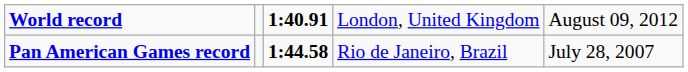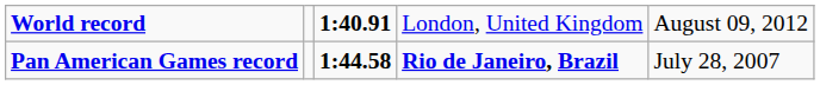 <table class="wikitable">
 <tr>
 <td><strong><a href='#'>World record</a></strong></td>
 <td></td>
 <td><strong>1:40.91</strong></td>
 <td><a href='#'>London</a>, <a href='#'>United Kingdom</a></td>
 <td>August 09, 2012</td>
 </tr>
 <tr>
 <td><strong><a href='#'>Pan American Games record</a></strong></td>
 <td></td>
 <td><strong>1:44.58</strong></td>
-<td><a href='#'>Rio de Janeiro</a>, <a href='#'>Brazil</a></td>
+<td><strong><a href='#'>Rio de Janeiro</a>, <a href='#'>Brazil</a></strong></td>
 <td>July 28, 2007</td>
 </tr>
 </table>
